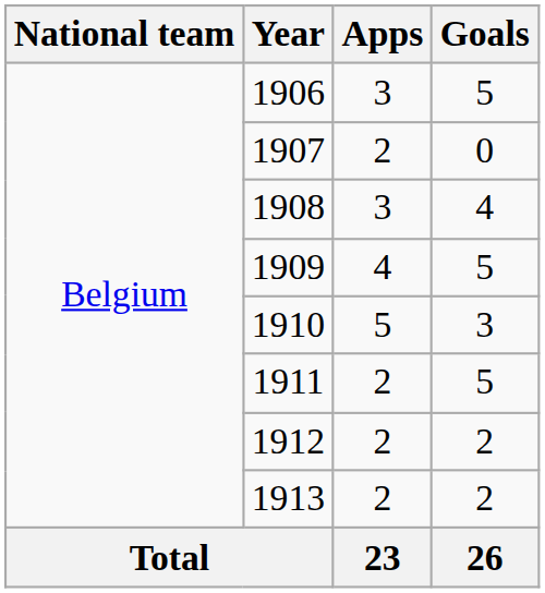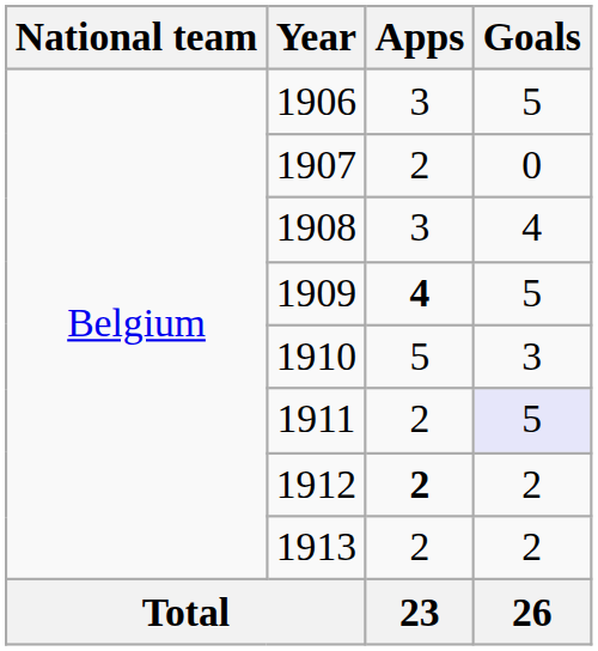 <table class="wikitable" style="text-align:center">
 <tr>
 <th>National team</th>
 <th>Year</th>
 <th>Apps</th>
 <th>Goals</th>
 </tr>
 <tr>
 <td rowspan="8"><a href='#'>Belgium</a></td>
 <td>1906</td>
 <td>3</td>
 <td>5</td>
 </tr>
 <tr>
 <td>1907</td>
 <td>2</td>
 <td>0</td>
 </tr>
 <tr>
 <td>1908</td>
 <td>3</td>
 <td>4</td>
 </tr>
 <tr>
 <td>1909</td>
-<td>4</td>
+<td><strong>4</strong></td>
 <td>5</td>
 </tr>
 <tr>
 <td>1910</td>
 <td>5</td>
 <td>3</td>
 </tr>
 <tr>
 <td>1911</td>
 <td>2</td>
-<td>5</td>
+<td style="background: lavender;">5</td>
 </tr>
 <tr>
 <td>1912</td>
-<td>2</td>
+<td><strong>2</strong></td>
 <td>2</td>
 </tr>
 <tr>
 <td>1913</td>
 <td>2</td>
 <td>2</td>
 </tr>
 <tr>
 <th colspan="2">Total</th>
 <th>23</th>
 <th>26</th>
 </tr>
 </table>
